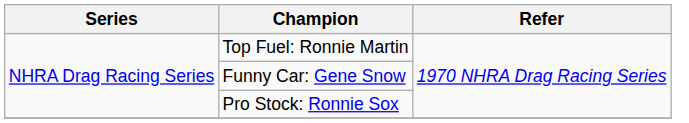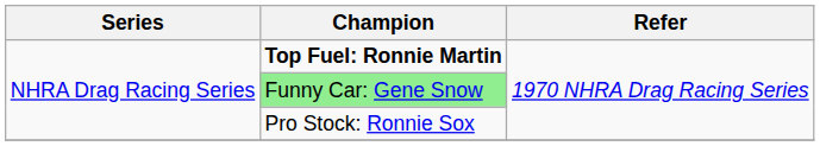 <table class="wikitable" style="font-size:87%;">
 <tr>
 <th>Series</th>
 <th>Champion</th>
 <th>Refer</th>
 </tr>
 <tr>
 <td rowspan=3><a href='#'>NHRA Drag Racing Series</a></td>
-<td>Top Fuel:  Ronnie Martin</td>
+<td><strong>Top Fuel:  Ronnie Martin</strong></td>
 <td rowspan=3><em><a href='#'>1970 NHRA Drag Racing Series</a></em></td>
 </tr>
 <tr>
-<td>Funny Car:  <a href='#'>Gene Snow</a></td>
+<td style="background: lightgreen;">Funny Car:  <a href='#'>Gene Snow</a></td>
 </tr>
 <tr>
 <td>Pro Stock:  <a href='#'>Ronnie Sox</a></td>
 </tr>
 <tr>
 </tr>
 </table>
